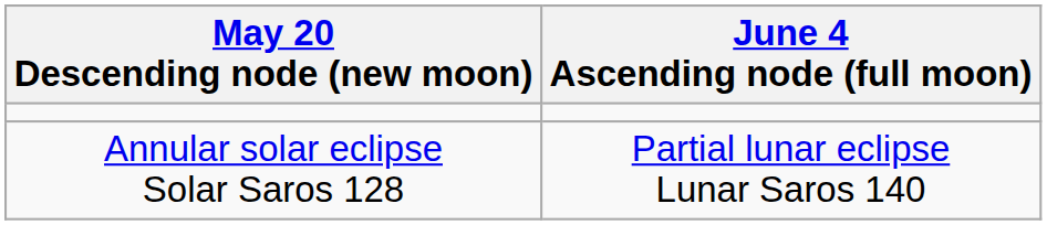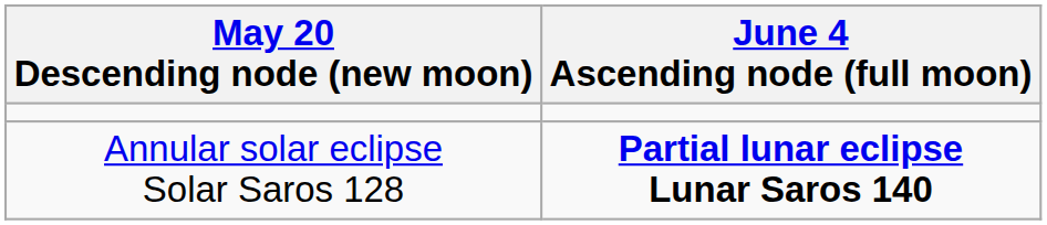 <table class="wikitable">
 <tr>
 <th><a href='#'>May 20</a><br>Descending node (new moon)<br></th>
 <th><a href='#'>June 4</a><br>Ascending node (full moon)<br></th>
 </tr>
 <tr>
 <td></td>
 <td></td>
 </tr>
 <tr align=center>
 <td><a href='#'>Annular solar eclipse</a><br>Solar Saros 128</td>
-<td><a href='#'>Partial lunar eclipse</a><br>Lunar Saros 140</td>
+<td><strong><a href='#'>Partial lunar eclipse</a><br>Lunar Saros 140</strong></td>
 </tr>
 </table>
